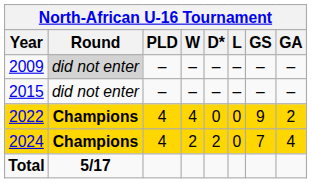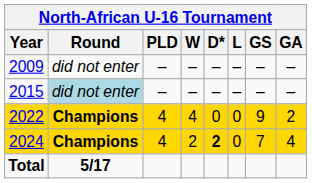 <table class="wikitable" style="text-align: center;font-size:90%;">
 <tr>
 <th colspan=9><a href='#'>North-African U-16 Tournament</a></th>
 </tr>
 <tr>
 <th>Year</th>
 <th>Round</th>
 <th>PLD</th>
 <th>W</th>
 <th>D*</th>
 <th>L</th>
 <th>GS</th>
 <th>GA</th>
 </tr>
 <tr>
 <td> <a href='#'>2009</a></td>
-<td style="background: lightgrey;"><em>did not enter</em></td>
+<td><em>did not enter</em></td>
 <td>–</td>
 <td>–</td>
 <td>–</td>
 <td>–</td>
 <td>–</td>
 <td>–</td>
 </tr>
 <tr>
 <td> <a href='#'>2015</a></td>
-<td><em>did not enter</em></td>
+<td style="background: lightblue;"><em>did not enter</em></td>
 <td>–</td>
 <td>–</td>
 <td>–</td>
 <td>–</td>
 <td>–</td>
 <td>–</td>
 </tr>
 <tr style="background:gold">
 <td> <a href='#'>2022</a></td>
 <td><strong>Champions</strong></td>
 <td>4</td>
 <td>4</td>
 <td>0</td>
 <td>0</td>
 <td>9</td>
 <td>2</td>
 </tr>
 <tr style="background:gold">
 <td> <a href='#'>2024</a></td>
 <td><strong>Champions</strong></td>
 <td>4</td>
 <td>2</td>
-<td>2</td>
+<td><strong>2</strong></td>
 <td>0</td>
 <td>7</td>
 <td>4</td>
 </tr>
 <tr>
 <td><strong>Total</strong></td>
 <td><strong>5/17</strong></td>
 <td></td>
 <td></td>
 <td></td>
 <td></td>
 <td></td>
 <td></td>
 </tr>
 </table>
